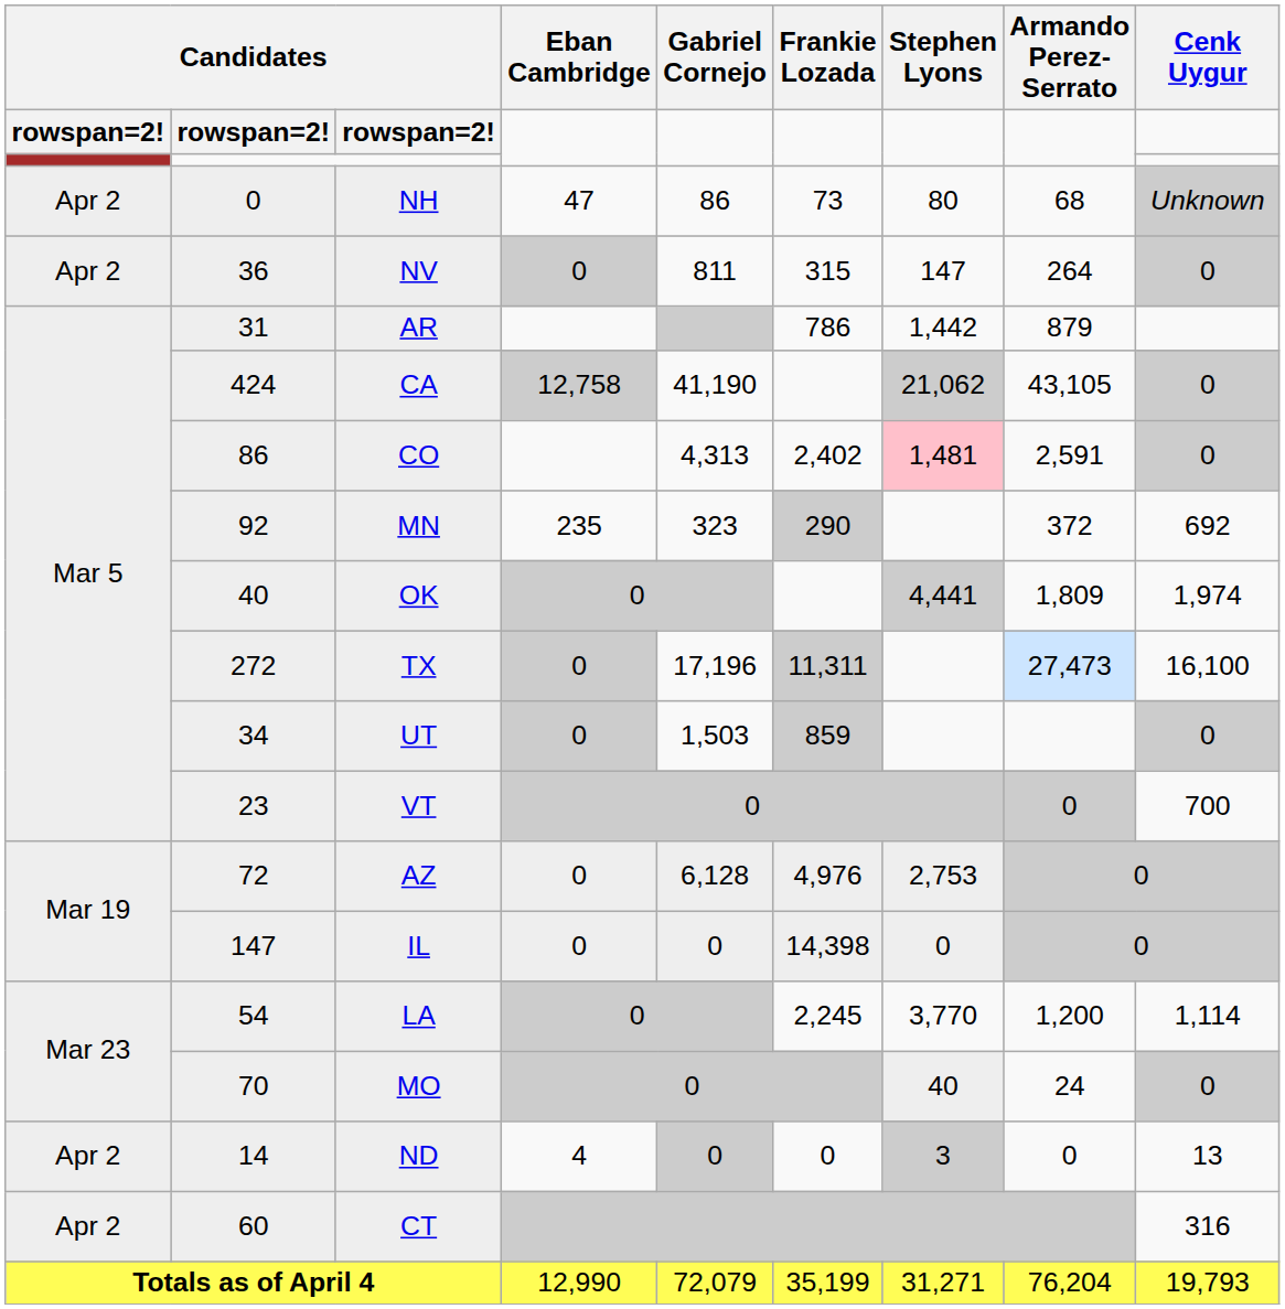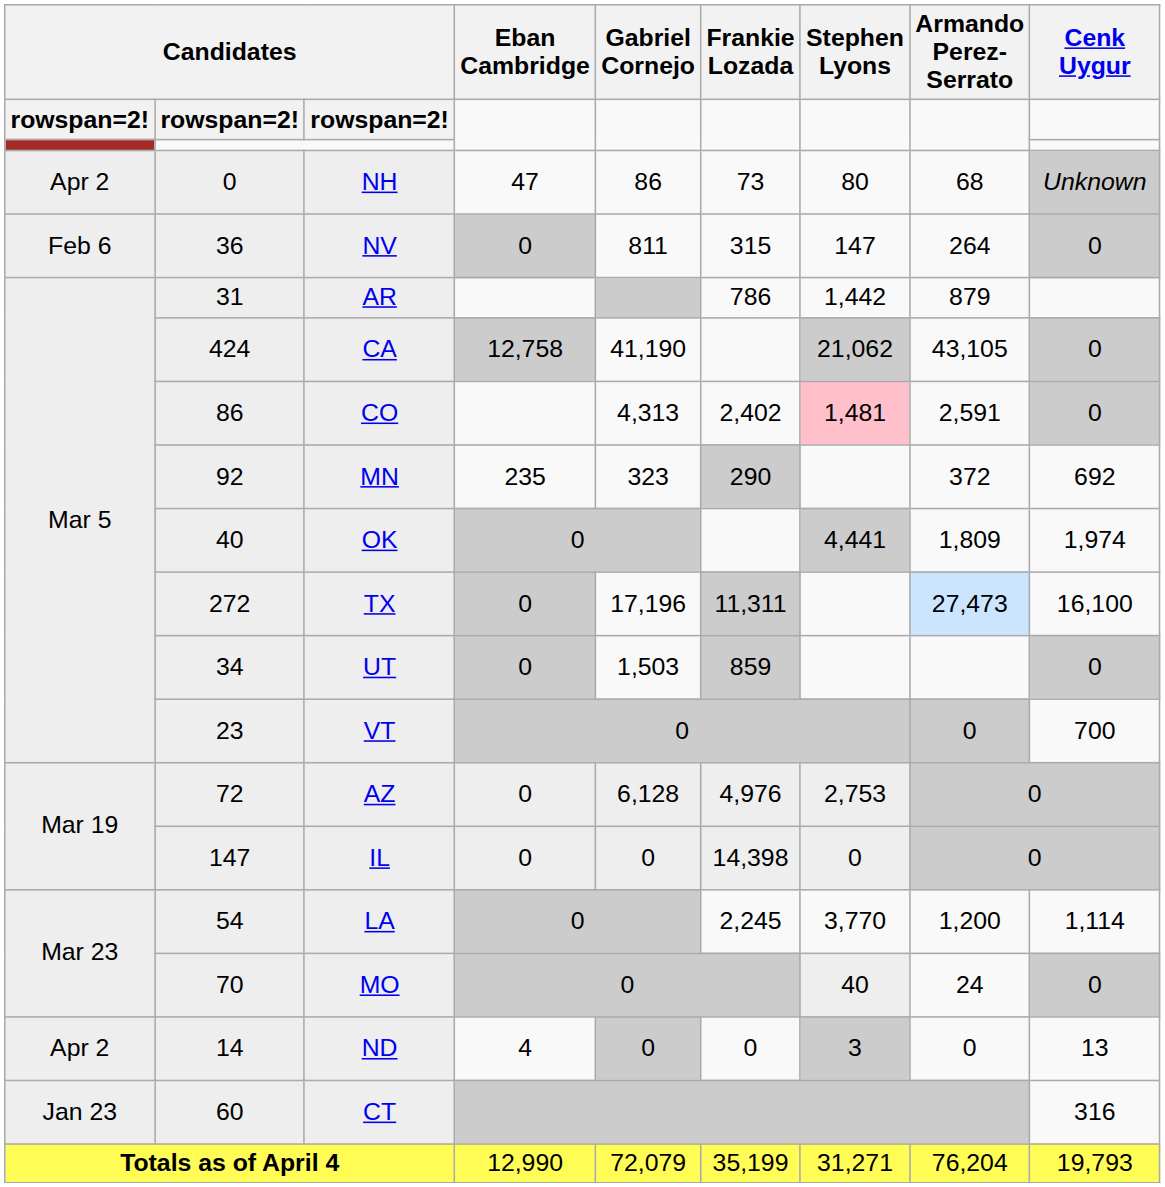 <table class="wikitable" style="text-align:center">
 <tr>
 <th colspan="3"><strong>Candidates</strong></th>
 <th scope="col" style="width:3em; text-align:center">Eban<br>Cambridge</th>
 <th scope="col" style="width:3em; text-align:center">Gabriel<br>Cornejo</th>
 <th scope="col" style="width:3em; text-align:center">Frankie<br>Lozada</th>
 <th scope="col" style="width:3em; text-align:center">Stephen<br>Lyons</th>
 <th scope="col" style="width:3em; text-align:center">Armando<br>Perez-Serrato</th>
 <th scope="col" style="width:3em; text-align:center"><a href='#'>Cenk<br>Uygur</a></th>
 </tr>
 <tr>
 <th>rowspan=2!</th>
 <th>rowspan=2!</th>
 <th>rowspan=2!</th>
 <td rowspan=2></td>
 <td rowspan=2></td>
 <td rowspan=2></td>
 <td rowspan=2></td>
 <td rowspan=2></td>
 <td> </td>
 </tr>
 <tr>
 <td style="background:#a52a2a; text-align:center;"></td>
 </tr>
 <tr>
 <td style="background:#eee; text-align:center;">Apr 2</td>
 <td style="background:#eee; text-align:center;">0</td>
 <td style="background:#eee; text-align:center;"><a href='#'>NH</a></td>
 <td>47</td>
 <td>86</td>
 <td>73</td>
 <td>80</td>
 <td>68 </td>
 <td style="padding:11px 8px; background:#ccc;"><em>Unknown</em></td>
 </tr>
 <tr>
-<td style="background:#eee; text-align:center;">Apr 2</td>
+<td style="background:#eee; text-align:center;">Feb 6</td>
 <td style="background:#eee; text-align:center;">36</td>
 <td style="background:#eee; text-align:center;"><a href='#'>NV</a></td>
 <td style="padding:11px 8px; background:#ccc;">0</td>
 <td>811</td>
 <td>315</td>
 <td>147</td>
 <td>264</td>
 <td style="padding:11px 8px; background:#ccc;">0</td>
 </tr>
 <tr>
 <td style="background:#eee; text-align:center;" rowspan=8>Mar 5</td>
 <td style="background:#eee; text-align:center;">31</td>
 <td style="background:#eee; text-align:center;"><a href='#'>AR</a></td>
 <td></td>
 <td style="padding:11px 8px; background:#ccc;"></td>
 <td>786</td>
 <td>1,442</td>
 <td>879</td>
 <td></td>
 </tr>
 <tr>
 <td style="background:#eee; text-align:center;">424</td>
 <td style="background:#eee; text-align:center;"><a href='#'>CA</a></td>
 <td style="padding:11px 8px; background:#ccc;">12,758</td>
 <td>41,190</td>
 <td></td>
 <td style="padding:11px 8px; background:#ccc;">21,062</td>
 <td>43,105</td>
 <td style="padding:11px 8px; background:#ccc;">0</td>
 </tr>
 <tr>
 <td style="background:#eee; text-align:center;">86</td>
 <td style="background:#eee; text-align:center;"><a href='#'>CO</a></td>
 <td></td>
 <td>4,313</td>
 <td>2,402</td>
 <td style="background: pink;">1,481</td>
 <td>2,591</td>
 <td style="padding:11px 8px; background:#ccc;">0</td>
 </tr>
 <tr>
 <td style="background:#eee; text-align:center;">92</td>
 <td style="background:#eee; text-align:center;"><a href='#'>MN</a></td>
 <td>235</td>
 <td>323</td>
 <td style="padding:11px 8px; background:#ccc;">290</td>
 <td></td>
 <td>372</td>
 <td>692</td>
 </tr>
 <tr>
 <td style="background:#eee; text-align:center;">40</td>
 <td style="background:#eee; text-align:center;"><a href='#'>OK</a></td>
 <td style="padding:11px 8px; background:#ccc;" colspan=2>0</td>
 <td></td>
 <td style="padding:11px 8px; background:#ccc;">4,441</td>
 <td>1,809</td>
 <td>1,974</td>
 </tr>
 <tr>
 <td style="background:#eee; text-align:center;">272</td>
 <td style="background:#eee; text-align:center;"><a href='#'>TX</a></td>
 <td style="padding:11px 8px; background:#ccc;">0</td>
 <td>17,196</td>
 <td style="padding:11px 8px; background:#ccc;">11,311</td>
 <td></td>
 <td style="padding:11px 8px; background:#cce5ff;">27,473</td>
 <td>16,100</td>
 </tr>
 <tr>
 <td style="background:#eee; text-align:center;">34</td>
 <td style="background:#eee; text-align:center;"><a href='#'>UT</a></td>
 <td style="padding:11px 8px; background:#ccc;">0</td>
 <td>1,503</td>
 <td style="padding:11px 8px; background:#ccc;">859</td>
 <td></td>
 <td></td>
 <td style="padding:11px 8px; background:#ccc;">0</td>
 </tr>
 <tr>
 <td style="background:#eee; text-align:center;">23</td>
 <td style="background:#eee; text-align:center;"><a href='#'>VT</a></td>
 <td style="padding:11px 8px; background:#ccc;" colspan=4>0</td>
 <td style="padding:11px 8px; background:#ccc;">0</td>
 <td>700</td>
 </tr>
 <tr>
 <td style="background:#eee; text-align:center;" rowspan=2>Mar 19</td>
 <td style="background:#eee; text-align:center;">72</td>
 <td style="background:#eee; text-align:center;"><a href='#'>AZ</a></td>
 <td style="background:#eee; text-align:center;">0</td>
 <td style="background:#eee; text-align:center;">6,128</td>
 <td style="background:#eee; text-align:center;">4,976</td>
 <td style="background:#eee; text-align:center;">2,753</td>
 <td style="padding:11px 8px; background:#ccc;" colspan=2>0</td>
 </tr>
 <tr>
 <td style="background:#eee; text-align:center;">147</td>
 <td style="background:#eee; text-align:center;"><a href='#'>IL</a></td>
 <td style="background:#eee; text-align:center;">0</td>
 <td style="background:#eee; text-align:center;">0</td>
 <td style="background:#eee; text-align:center;">14,398</td>
 <td style="background:#eee; text-align:center;">0</td>
 <td style="padding:11px 8px; background:#ccc;" colspan=2>0</td>
 </tr>
 <tr>
 <td style="background:#eee; text-align:center;" rowspan=2>Mar 23</td>
 <td style="background:#eee; text-align:center;">54</td>
 <td style="background:#eee; text-align:center;"><a href='#'>LA</a></td>
 <td style="padding:11px 8px; background:#ccc;" colspan=2>0</td>
 <td>2,245</td>
 <td>3,770</td>
 <td>1,200</td>
 <td>1,114</td>
 </tr>
 <tr>
 <td style="background:#eee; text-align:center;">70</td>
 <td style="background:#eee; text-align:center;"><a href='#'>MO</a></td>
 <td style="padding:11px 8px; background:#ccc;" colspan=3>0</td>
 <td style="background:#eee; text-align:center;">40</td>
 <td>24</td>
 <td style="padding:11px 8px; background:#ccc;">0</td>
 </tr>
 <tr>
 <td style="background:#eee; text-align:center;">Apr 2</td>
 <td style="background:#eee; text-align:center;">14</td>
 <td style="background:#eee; text-align:center;"><a href='#'>ND</a></td>
 <td>4</td>
 <td style="padding:11px 8px; background:#ccc;">0</td>
 <td>0</td>
 <td style="padding:11px 8px; background:#ccc;">3</td>
 <td>0</td>
 <td>13</td>
 </tr>
 <tr>
-<td style="background:#eee; text-align:center;">Apr 2</td>
+<td style="background:#eee; text-align:center;">Jan 23</td>
 <td style="background:#eee; text-align:center;">60</td>
 <td style="background:#eee; text-align:center;"><a href='#'>CT</a></td>
 <td style="padding:11px 8px; background:#ccc;" colspan=5></td>
 <td style="padding:11px 8px;">316</td>
 </tr>
 <tr style="background:#FFFD55;">
 <td colspan="3"><strong>Totals as of April 4</strong></td>
 <td>12,990</td>
 <td>72,079</td>
 <td>35,199</td>
 <td>31,271</td>
 <td>76,204</td>
 <td>19,793</td>
 </tr>
 <tr>
 </tr>
 </table>
